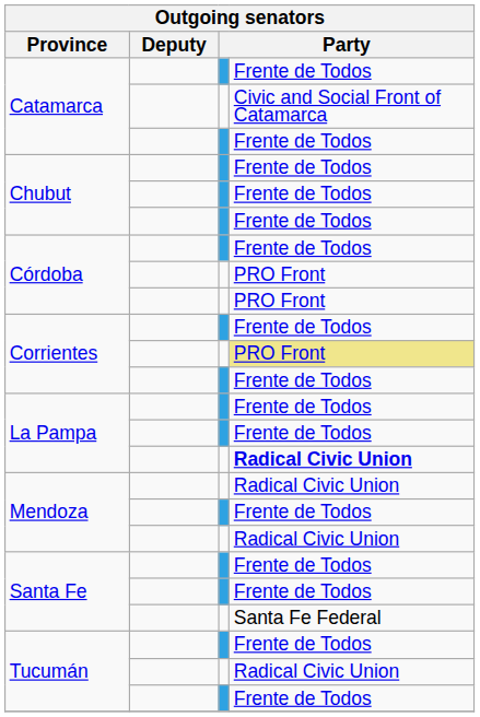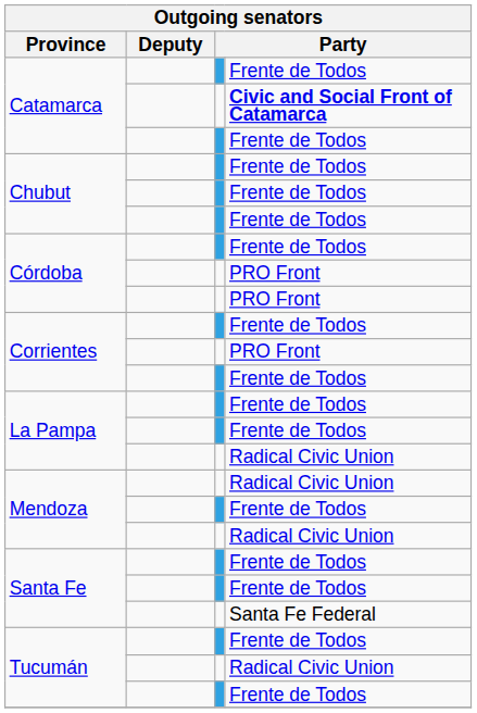 <table class="sortable wikitable collapsible collapsed" width=60% style="font-size:95%;line-height:14px;">
 <tr>
 <th width=60% colspan=4>Outgoing senators</th>
 </tr>
 <tr>
 <th>Province</th>
 <th>Deputy</th>
 <th colspan=2>Party</th>
 </tr>
 <tr>
 <td rowspan=3><a href='#'>Catamarca</a></td>
 <td></td>
 <td style="background-color:#2EA2E2" width=1%></td>
 <td><a href='#'>Frente de Todos</a></td>
 </tr>
 <tr>
 <td></td>
 <td style="background-color:"></td>
-<td><a href='#'>Civic and Social Front of Catamarca</a></td>
+<td><strong><a href='#'>Civic and Social Front of Catamarca</a></strong></td>
 </tr>
 <tr>
 <td></td>
 <td style="background-color:#2EA2E2" width=1%></td>
 <td><a href='#'>Frente de Todos</a></td>
 </tr>
 <tr>
 <td rowspan=3><a href='#'>Chubut</a></td>
 <td></td>
 <td style="background-color:#2EA2E2" width=1%></td>
 <td><a href='#'>Frente de Todos</a></td>
 </tr>
 <tr>
 <td></td>
 <td style="background-color:#2EA2E2" width=1%></td>
 <td><a href='#'>Frente de Todos</a></td>
 </tr>
 <tr>
 <td></td>
 <td style="background-color:#2EA2E2" width=1%></td>
 <td><a href='#'>Frente de Todos</a></td>
 </tr>
 <tr>
 <td rowspan=3><a href='#'>Córdoba</a></td>
 <td></td>
 <td style="background-color:#2EA2E2" width=1%></td>
 <td><a href='#'>Frente de Todos</a></td>
 </tr>
 <tr>
 <td></td>
 <td style="background-color:"></td>
 <td><a href='#'>PRO Front</a></td>
 </tr>
 <tr>
 <td></td>
 <td style="background-color:"></td>
 <td><a href='#'>PRO Front</a></td>
 </tr>
 <tr>
 <td rowspan=3><a href='#'>Corrientes</a></td>
 <td></td>
 <td style="background-color:#2EA2E2" width=1%></td>
 <td><a href='#'>Frente de Todos</a></td>
 </tr>
 <tr>
 <td></td>
 <td style="background-color:"></td>
-<td style="background: khaki;"><a href='#'>PRO Front</a></td>
+<td><a href='#'>PRO Front</a></td>
 </tr>
 <tr>
 <td></td>
 <td style="background-color:#2EA2E2" width=1%></td>
 <td><a href='#'>Frente de Todos</a></td>
 </tr>
 <tr>
 <td rowspan=3><a href='#'>La Pampa</a></td>
 <td></td>
 <td style="background-color:#2EA2E2" width=1%></td>
 <td><a href='#'>Frente de Todos</a></td>
 </tr>
 <tr>
 <td></td>
 <td style="background-color:#2EA2E2" width=1%></td>
 <td><a href='#'>Frente de Todos</a></td>
 </tr>
 <tr>
 <td></td>
 <td style="background-color:"></td>
-<td><strong><a href='#'>Radical Civic Union</a></strong></td>
+<td><a href='#'>Radical Civic Union</a></td>
 </tr>
 <tr>
 <td rowspan=3><a href='#'>Mendoza</a></td>
 <td></td>
 <td style="background-color:"></td>
 <td><a href='#'>Radical Civic Union</a></td>
 </tr>
 <tr>
 <td></td>
 <td style="background-color:#2EA2E2" width=1%></td>
 <td><a href='#'>Frente de Todos</a></td>
 </tr>
 <tr>
 <td></td>
 <td style="background-color:"></td>
 <td><a href='#'>Radical Civic Union</a></td>
 </tr>
 <tr>
 <td rowspan=3><a href='#'>Santa Fe</a></td>
 <td></td>
 <td style="background-color:#2EA2E2" width=1%></td>
 <td><a href='#'>Frente de Todos</a></td>
 </tr>
 <tr>
 <td></td>
 <td style="background-color:#2EA2E2" width=1%></td>
 <td><a href='#'>Frente de Todos</a></td>
 </tr>
 <tr>
 <td></td>
 <td style="background-color:"></td>
 <td>Santa Fe Federal</td>
 </tr>
 <tr>
 <td rowspan=3><a href='#'>Tucumán</a></td>
 <td></td>
 <td style="background-color:#2EA2E2" width=1%></td>
 <td><a href='#'>Frente de Todos</a></td>
 </tr>
 <tr>
 <td></td>
 <td style="background-color:"></td>
 <td><a href='#'>Radical Civic Union</a></td>
 </tr>
 <tr>
 <td></td>
 <td style="background-color:#2EA2E2" width=1%></td>
 <td><a href='#'>Frente de Todos</a></td>
 </tr>
 <tr>
 </tr>
 </table>
